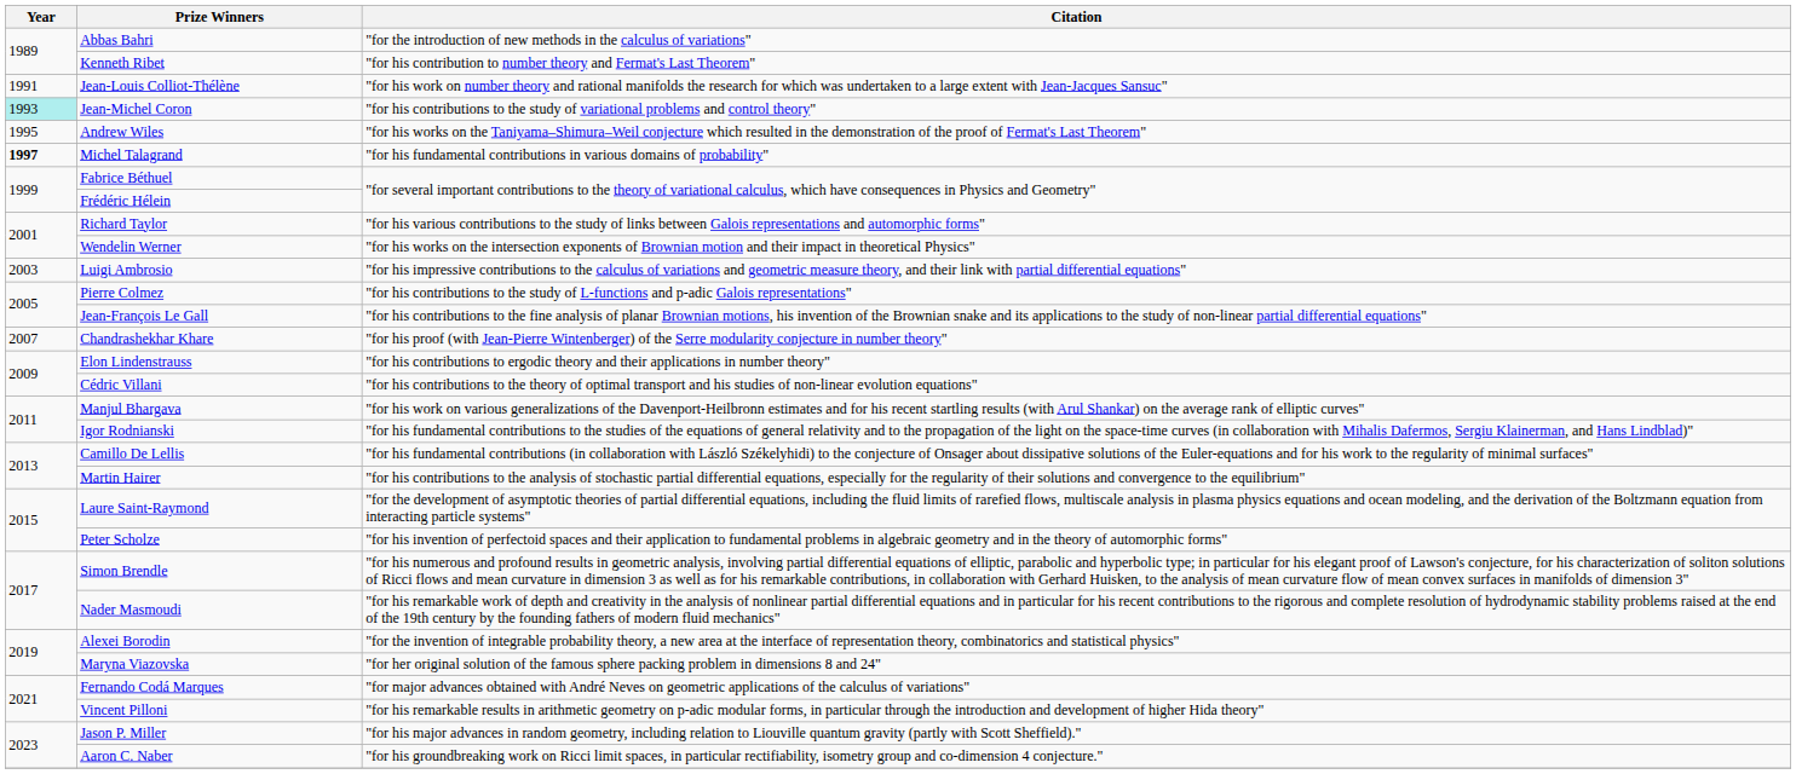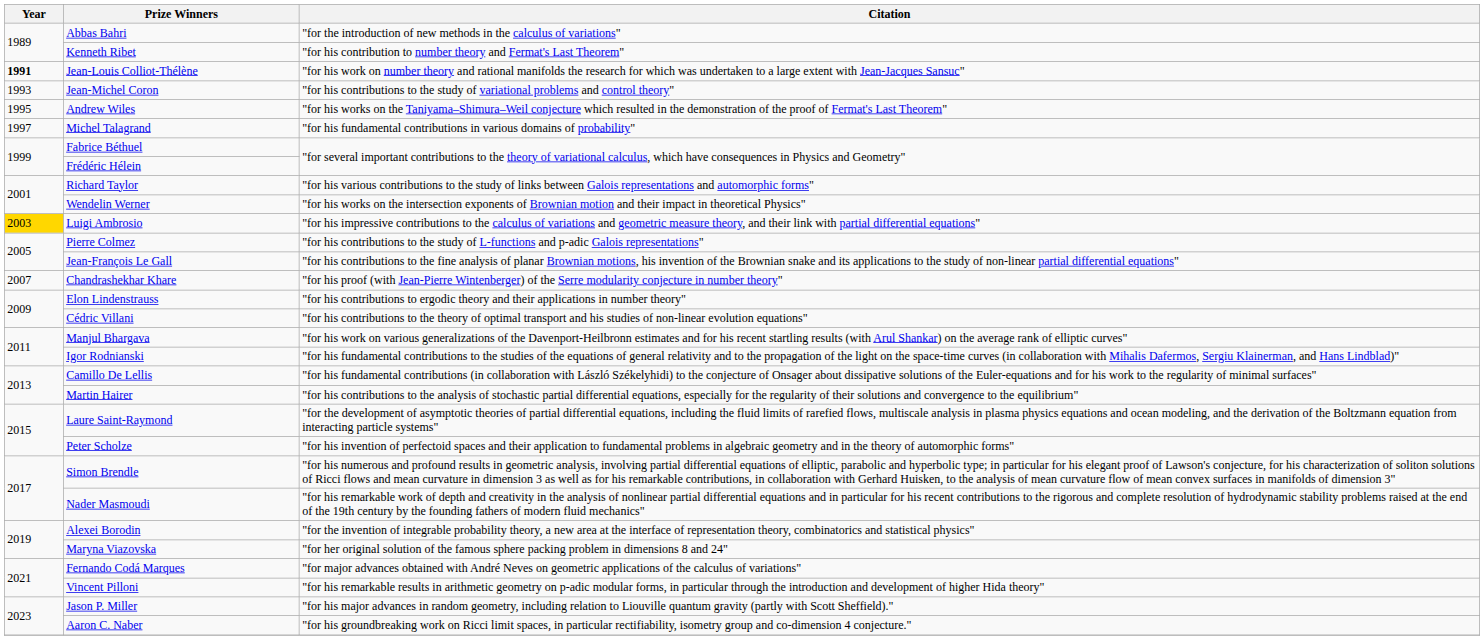 <table class="wikitable">
 <tr>
 <th scope="col" style="width: 4%;">Year</th>
 <th scope="col" style="width: 16%;">Prize Winners</th>
 <th>Citation</th>
 </tr>
 <tr>
 <td rowspan=2>1989</td>
 <td><a href='#'>Abbas Bahri</a></td>
 <td>"for the introduction of new methods in the <a href='#'>calculus of variations</a>"</td>
 </tr>
 <tr>
 <td><a href='#'>Kenneth Ribet</a></td>
 <td>"for his contribution to <a href='#'>number theory</a> and <a href='#'>Fermat's Last Theorem</a>"</td>
 </tr>
 <tr>
-<td rowspan=1>1991</td>
+<td rowspan=1><strong>1991</strong></td>
 <td><a href='#'>Jean-Louis Colliot-Thélène</a></td>
 <td>"for his work on <a href='#'>number theory</a> and rational manifolds the research for which was undertaken to a large extent with <a href='#'>Jean-Jacques Sansuc</a>"</td>
 </tr>
 <tr>
-<td rowspan=1 style="background: paleturquoise;">1993</td>
+<td rowspan=1>1993</td>
 <td><a href='#'>Jean-Michel Coron</a></td>
 <td>"for his contributions to the study of <a href='#'>variational problems</a> and <a href='#'>control theory</a>"</td>
 </tr>
 <tr>
 <td rowspan=1>1995</td>
 <td><a href='#'>Andrew Wiles</a></td>
 <td>"for his works on the <a href='#'>Taniyama–Shimura–Weil conjecture</a> which resulted in the demonstration of the proof of <a href='#'>Fermat's Last Theorem</a>"</td>
 </tr>
 <tr>
-<td rowspan=1><strong>1997</strong></td>
+<td rowspan=1>1997</td>
 <td><a href='#'>Michel Talagrand</a></td>
 <td>"for his fundamental contributions in various domains of <a href='#'>probability</a>"</td>
 </tr>
 <tr>
 <td rowspan=2>1999</td>
 <td><a href='#'>Fabrice Béthuel</a></td>
 <td rowspan=2>"for several important contributions to the <a href='#'>theory of variational calculus</a>, which have consequences in Physics and Geometry"</td>
 </tr>
 <tr>
 <td><a href='#'>Frédéric Hélein</a></td>
 </tr>
 <tr>
 <td rowspan=2>2001</td>
 <td><a href='#'>Richard Taylor</a></td>
 <td>"for his various contributions to the study of links between <a href='#'>Galois representations</a> and <a href='#'>automorphic forms</a>"</td>
 </tr>
 <tr>
 <td><a href='#'>Wendelin Werner</a></td>
 <td>"for his works on the intersection exponents of <a href='#'>Brownian motion</a> and their impact in theoretical Physics"</td>
 </tr>
 <tr>
-<td rowspan=1>2003</td>
+<td rowspan=1 style="background: gold;">2003</td>
 <td><a href='#'>Luigi Ambrosio</a></td>
 <td>"for his impressive contributions to the <a href='#'>calculus of variations</a> and <a href='#'>geometric measure theory</a>, and their link with <a href='#'>partial differential equations</a>"</td>
 </tr>
 <tr>
 <td rowspan=2>2005</td>
 <td><a href='#'>Pierre Colmez</a></td>
 <td>"for his contributions to the study of <a href='#'>L-functions</a> and p-adic <a href='#'>Galois representations</a>"</td>
 </tr>
 <tr>
 <td><a href='#'>Jean-François Le Gall</a></td>
 <td>"for his contributions to the fine analysis of planar <a href='#'>Brownian motions</a>, his invention of the Brownian snake and its applications to the study of non-linear <a href='#'>partial differential equations</a>"</td>
 </tr>
 <tr>
 <td rowspan=1>2007</td>
 <td><a href='#'>Chandrashekhar Khare</a></td>
 <td>"for his proof (with <a href='#'>Jean-Pierre Wintenberger</a>) of the <a href='#'>Serre modularity conjecture in number theory</a>"</td>
 </tr>
 <tr>
 <td rowspan=2>2009</td>
 <td><a href='#'>Elon Lindenstrauss</a></td>
 <td>"for his contributions to ergodic theory and their applications in number theory"</td>
 </tr>
 <tr>
 <td><a href='#'>Cédric Villani</a></td>
 <td>"for his contributions to the theory of optimal transport and his studies of non-linear evolution equations"</td>
 </tr>
 <tr>
 <td rowspan=2>2011</td>
 <td><a href='#'>Manjul Bhargava</a></td>
 <td>"for his work on various generalizations of the Davenport-Heilbronn estimates and for his recent startling results (with <a href='#'>Arul Shankar</a>) on the average rank of elliptic curves"</td>
 </tr>
 <tr>
 <td><a href='#'>Igor Rodnianski</a></td>
 <td>"for his fundamental contributions to the studies of the equations of general relativity and to the propagation of the light on the space-time curves (in collaboration with <a href='#'>Mihalis Dafermos</a>, <a href='#'>Sergiu Klainerman</a>, and <a href='#'>Hans Lindblad</a>)"</td>
 </tr>
 <tr>
 <td rowspan=2>2013</td>
 <td><a href='#'>Camillo De Lellis</a></td>
 <td>"for his fundamental contributions (in collaboration with László Székelyhidi) to the conjecture of Onsager about dissipative solutions of the Euler-equations and for his work to the regularity of minimal surfaces"</td>
 </tr>
 <tr>
 <td><a href='#'>Martin Hairer</a></td>
 <td>"for his contributions to the analysis of stochastic partial differential equations, especially for the regularity of their solutions and convergence to the equilibrium"</td>
 </tr>
 <tr>
 <td rowspan=2>2015</td>
 <td><a href='#'>Laure Saint-Raymond</a></td>
 <td>"for the development of asymptotic theories of partial differential equations, including the fluid limits of rarefied flows, multiscale analysis in plasma physics equations and ocean modeling, and the derivation of the Boltzmann equation from interacting particle systems"</td>
 </tr>
 <tr>
 <td><a href='#'>Peter Scholze</a></td>
 <td>"for his invention of perfectoid spaces and their application to fundamental problems in algebraic geometry and in the theory of automorphic forms"</td>
 </tr>
 <tr>
 <td rowspan=2>2017</td>
 <td><a href='#'>Simon Brendle</a></td>
 <td>"for his numerous and profound results in geometric analysis, involving partial differential equations of elliptic, parabolic and hyperbolic type; in particular for his elegant proof of Lawson's conjecture, for his characterization of soliton solutions of Ricci flows and mean curvature in dimension 3 as well as for his remarkable contributions, in collaboration with Gerhard Huisken, to the analysis of mean curvature flow of mean convex surfaces in manifolds of dimension 3"</td>
 </tr>
 <tr>
 <td><a href='#'>Nader Masmoudi</a></td>
 <td>"for his remarkable work of depth and creativity in the analysis of nonlinear partial differential equations and in particular for his recent contributions to the rigorous and complete resolution of hydrodynamic stability problems raised at the end of the 19th century by the founding fathers of modern fluid mechanics"</td>
 </tr>
 <tr>
 <td rowspan=2>2019</td>
 <td><a href='#'>Alexei Borodin</a></td>
 <td>"for the invention of integrable probability theory, a new area at the interface of representation theory, combinatorics and statistical physics"</td>
 </tr>
 <tr>
 <td><a href='#'>Maryna Viazovska</a></td>
 <td>"for her original solution of the famous sphere packing problem in dimensions 8 and 24"</td>
 </tr>
 <tr>
 <td rowspan=2>2021</td>
 <td><a href='#'>Fernando Codá Marques</a></td>
 <td>"for major advances obtained with André Neves on geometric applications of the calculus of variations"</td>
 </tr>
 <tr>
 <td><a href='#'>Vincent Pilloni</a></td>
 <td>"for his remarkable results in arithmetic geometry on p-adic modular forms, in particular through the introduction and development of higher Hida theory"</td>
 </tr>
 <tr>
 <td rowspan=2>2023</td>
 <td><a href='#'>Jason P. Miller</a></td>
 <td>"for his major advances in random geometry, including relation to Liouville quantum gravity (partly with Scott Sheffield)."</td>
 </tr>
 <tr>
 <td><a href='#'>Aaron C. Naber</a></td>
 <td>"for his groundbreaking work on Ricci limit spaces, in particular rectifiability, isometry group and co-dimension 4 conjecture."</td>
 </tr>
 <tr>
 </tr>
 </table>
